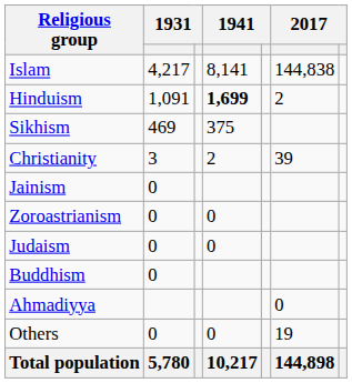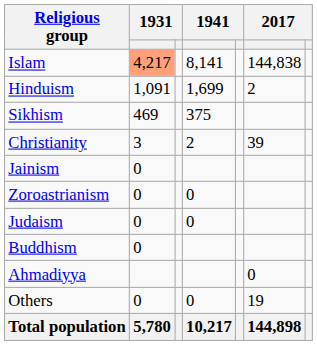 <table class="wikitable collapsible sortable">
 <tr>
 <th rowspan="2"><a href='#'>Religious</a><br>group</th>
 <th colspan="2">1931</th>
 <th colspan="2">1941</th>
 <th colspan="2">2017</th>
 </tr>
 <tr>
 <th><a href='#'></a></th>
 <th></th>
 <th></th>
 <th></th>
 <th></th>
 <th></th>
 </tr>
 <tr>
 <td><a href='#'>Islam</a> </td>
-<td>4,217</td>
+<td style="background: lightsalmon;">4,217</td>
 <td></td>
 <td>8,141</td>
 <td></td>
 <td>144,838</td>
 <td></td>
 </tr>
 <tr>
 <td><a href='#'>Hinduism</a> </td>
 <td>1,091</td>
 <td></td>
-<td><strong>1,699</strong></td>
+<td>1,699</td>
 <td></td>
 <td>2</td>
 <td></td>
 </tr>
 <tr>
 <td><a href='#'>Sikhism</a> </td>
 <td>469</td>
 <td></td>
 <td>375</td>
 <td></td>
 <td></td>
 <td></td>
 </tr>
 <tr>
 <td><a href='#'>Christianity</a> </td>
 <td>3</td>
 <td></td>
 <td>2</td>
 <td></td>
 <td>39</td>
 <td></td>
 </tr>
 <tr>
 <td><a href='#'>Jainism</a> </td>
 <td>0</td>
 <td></td>
 <td></td>
 <td></td>
 <td></td>
 <td></td>
 </tr>
 <tr>
 <td><a href='#'>Zoroastrianism</a> </td>
 <td>0</td>
 <td></td>
 <td>0</td>
 <td></td>
 <td></td>
 <td></td>
 </tr>
 <tr>
 <td><a href='#'>Judaism</a> </td>
 <td>0</td>
 <td></td>
 <td>0</td>
 <td></td>
 <td></td>
 <td></td>
 </tr>
 <tr>
 <td><a href='#'>Buddhism</a> </td>
 <td>0</td>
 <td></td>
 <td></td>
 <td></td>
 <td></td>
 <td></td>
 </tr>
 <tr>
 <td><a href='#'>Ahmadiyya</a> </td>
 <td></td>
 <td></td>
 <td></td>
 <td></td>
 <td>0</td>
 <td></td>
 </tr>
 <tr>
 <td>Others</td>
 <td>0</td>
 <td></td>
 <td>0</td>
 <td></td>
 <td>19</td>
 <td></td>
 </tr>
 <tr>
 <th>Total population</th>
 <th>5,780</th>
 <th></th>
 <th>10,217</th>
 <th></th>
 <th>144,898</th>
 <th></th>
 </tr>
 </table>
